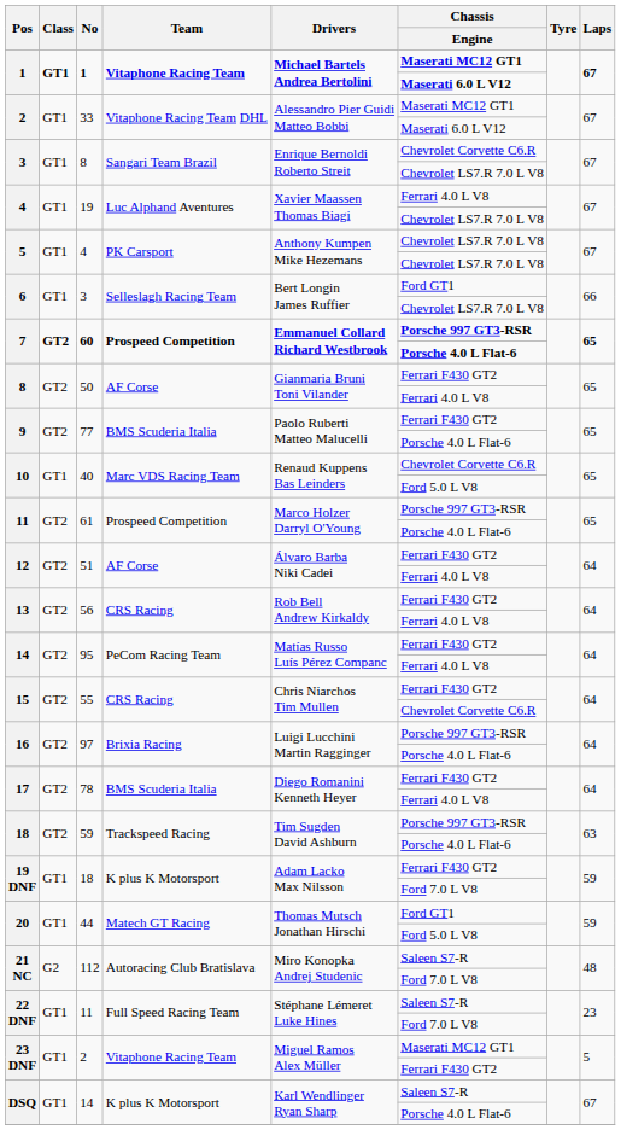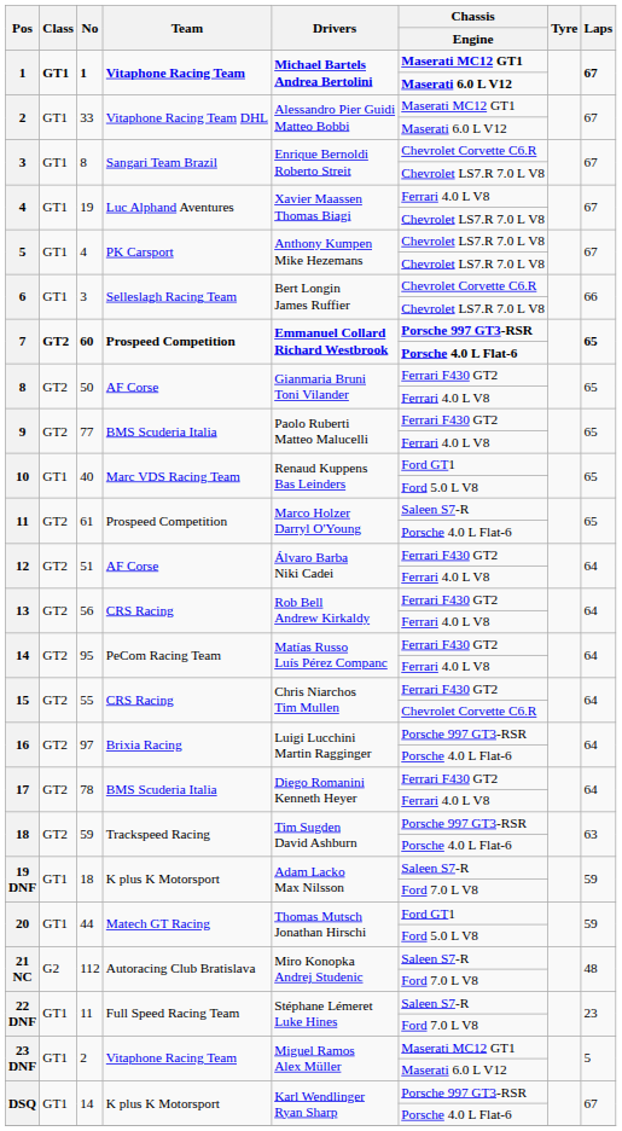 <table class="wikitable" style="font-size: 95%;">
 <tr>
 <th rowspan=2>Pos</th>
 <th rowspan=2>Class</th>
 <th rowspan=2>No</th>
 <th rowspan=2>Team</th>
 <th rowspan=2>Drivers</th>
 <th>Chassis</th>
 <th rowspan=2>Tyre</th>
 <th rowspan=2>Laps</th>
 </tr>
 <tr>
 <th>Engine</th>
 </tr>
 <tr style="font-weight:bold">
 <th rowspan=2>1</th>
 <td rowspan=2>GT1</td>
 <td rowspan=2>1</td>
 <td rowspan=2> <a href='#'>Vitaphone Racing Team</a></td>
 <td rowspan=2> <a href='#'>Michael Bartels</a><br> <a href='#'>Andrea Bertolini</a></td>
 <td><a href='#'>Maserati MC12</a> GT1</td>
 <td rowspan=2></td>
 <td rowspan=2>67</td>
 </tr>
 <tr style="font-weight:bold">
 <td><a href='#'>Maserati</a> 6.0 L V12</td>
 </tr>
 <tr>
 <th rowspan=2>2</th>
 <td rowspan=2>GT1</td>
 <td rowspan=2>33</td>
 <td rowspan=2> <a href='#'>Vitaphone Racing Team</a> <a href='#'>DHL</a></td>
 <td rowspan=2> <a href='#'>Alessandro Pier Guidi</a><br> <a href='#'>Matteo Bobbi</a></td>
 <td><a href='#'>Maserati MC12</a> GT1</td>
 <td rowspan=2></td>
 <td rowspan=2>67</td>
 </tr>
 <tr>
 <td><a href='#'>Maserati</a> 6.0 L V12</td>
 </tr>
 <tr>
 <th rowspan=2>3</th>
 <td rowspan=2>GT1</td>
 <td rowspan=2>8</td>
 <td rowspan=2> <a href='#'>Sangari Team Brazil</a></td>
 <td rowspan=2> <a href='#'>Enrique Bernoldi</a><br> <a href='#'>Roberto Streit</a></td>
 <td><a href='#'>Chevrolet Corvette C6.R</a></td>
 <td rowspan=2></td>
 <td rowspan=2>67</td>
 </tr>
 <tr>
 <td><a href='#'>Chevrolet</a> LS7.R 7.0 L V8</td>
 </tr>
 <tr>
 <th rowspan=2>4</th>
 <td rowspan=2>GT1</td>
 <td rowspan=2>19</td>
 <td rowspan=2> <a href='#'>Luc Alphand</a> Aventures</td>
 <td rowspan=2> <a href='#'>Xavier Maassen</a><br> <a href='#'>Thomas Biagi</a></td>
 <td><a href='#'>Ferrari</a> 4.0 L V8</td>
 <td rowspan=2></td>
 <td rowspan=2>67</td>
 </tr>
 <tr>
 <td><a href='#'>Chevrolet</a> LS7.R 7.0 L V8</td>
 </tr>
 <tr>
 <th rowspan=2>5</th>
 <td rowspan=2>GT1</td>
 <td rowspan=2>4</td>
 <td rowspan=2> <a href='#'>PK Carsport</a></td>
 <td rowspan=2> <a href='#'>Anthony Kumpen</a><br> Mike Hezemans</td>
 <td><a href='#'>Chevrolet</a> LS7.R 7.0 L V8</td>
 <td rowspan=2></td>
 <td rowspan=2>67</td>
 </tr>
 <tr>
 <td><a href='#'>Chevrolet</a> LS7.R 7.0 L V8</td>
 </tr>
 <tr>
 <th rowspan=2>6</th>
 <td rowspan=2>GT1</td>
 <td rowspan=2>3</td>
 <td rowspan=2> <a href='#'>Selleslagh Racing Team</a></td>
 <td rowspan=2> Bert Longin<br> James Ruffier</td>
-<td><a href='#'>Ford GT</a>1</td>
+<td><a href='#'>Chevrolet Corvette C6.R</a></td>
 <td rowspan=2></td>
 <td rowspan=2>66</td>
 </tr>
 <tr>
 <td><a href='#'>Chevrolet</a> LS7.R 7.0 L V8</td>
 </tr>
 <tr style="font-weight:bold">
 <th rowspan=2>7</th>
 <td rowspan=2>GT2</td>
 <td rowspan=2>60</td>
 <td rowspan=2> Prospeed Competition</td>
 <td rowspan=2> <a href='#'>Emmanuel Collard</a><br> <a href='#'>Richard Westbrook</a></td>
 <td><a href='#'>Porsche 997 GT3</a>-RSR</td>
 <td rowspan=2></td>
 <td rowspan=2>65</td>
 </tr>
 <tr style="font-weight:bold">
 <td><a href='#'>Porsche</a> 4.0 L Flat-6</td>
 </tr>
 <tr>
 <th rowspan=2>8</th>
 <td rowspan=2>GT2</td>
 <td rowspan=2>50</td>
 <td rowspan=2> <a href='#'>AF Corse</a></td>
 <td rowspan=2> <a href='#'>Gianmaria Bruni</a><br> <a href='#'>Toni Vilander</a></td>
 <td><a href='#'>Ferrari F430</a> GT2</td>
 <td rowspan=2></td>
 <td rowspan=2>65</td>
 </tr>
 <tr>
 <td><a href='#'>Ferrari</a> 4.0 L V8</td>
 </tr>
 <tr>
 <th rowspan=2>9</th>
 <td rowspan=2>GT2</td>
 <td rowspan=2>77</td>
 <td rowspan=2> <a href='#'>BMS Scuderia Italia</a></td>
 <td rowspan=2> Paolo Ruberti<br> Matteo Malucelli</td>
 <td><a href='#'>Ferrari F430</a> GT2</td>
 <td rowspan=2></td>
 <td rowspan=2>65</td>
 </tr>
 <tr>
-<td><a href='#'>Porsche</a> 4.0 L Flat-6</td>
+<td><a href='#'>Ferrari</a> 4.0 L V8</td>
 </tr>
 <tr>
 <th rowspan=2>10</th>
 <td rowspan=2>GT1</td>
 <td rowspan=2>40</td>
 <td rowspan=2> <a href='#'>Marc VDS Racing Team</a></td>
 <td rowspan=2> Renaud Kuppens<br> <a href='#'>Bas Leinders</a></td>
-<td><a href='#'>Chevrolet Corvette C6.R</a></td>
+<td><a href='#'>Ford GT</a>1</td>
 <td rowspan=2></td>
 <td rowspan=2>65</td>
 </tr>
 <tr>
 <td><a href='#'>Ford</a> 5.0 L V8</td>
 </tr>
 <tr>
 <th rowspan=2>11</th>
 <td rowspan=2>GT2</td>
 <td rowspan=2>61</td>
 <td rowspan=2> Prospeed Competition</td>
 <td rowspan=2> <a href='#'>Marco Holzer</a><br> <a href='#'>Darryl O'Young</a></td>
-<td><a href='#'>Porsche 997 GT3</a>-RSR</td>
+<td><a href='#'>Saleen S7</a>-R</td>
 <td rowspan=2></td>
 <td rowspan=2>65</td>
 </tr>
 <tr>
 <td><a href='#'>Porsche</a> 4.0 L Flat-6</td>
 </tr>
 <tr>
 <th rowspan=2>12</th>
 <td rowspan=2>GT2</td>
 <td rowspan=2>51</td>
 <td rowspan=2> <a href='#'>AF Corse</a></td>
 <td rowspan=2> <a href='#'>Álvaro Barba</a><br> Niki Cadei</td>
 <td><a href='#'>Ferrari F430</a> GT2</td>
 <td rowspan=2></td>
 <td rowspan=2>64</td>
 </tr>
 <tr>
 <td><a href='#'>Ferrari</a> 4.0 L V8</td>
 </tr>
 <tr>
 <th rowspan=2>13</th>
 <td rowspan=2>GT2</td>
 <td rowspan=2>56</td>
 <td rowspan=2> <a href='#'>CRS Racing</a></td>
 <td rowspan=2> <a href='#'>Rob Bell</a><br> <a href='#'>Andrew Kirkaldy</a></td>
 <td><a href='#'>Ferrari F430</a> GT2</td>
 <td rowspan=2></td>
 <td rowspan=2>64</td>
 </tr>
 <tr>
 <td><a href='#'>Ferrari</a> 4.0 L V8</td>
 </tr>
 <tr>
 <th rowspan=2>14</th>
 <td rowspan=2>GT2</td>
 <td rowspan=2>95</td>
 <td rowspan=2> PeCom Racing Team</td>
 <td rowspan=2> <a href='#'>Matías Russo</a><br> <a href='#'>Luís Pérez Companc</a></td>
 <td><a href='#'>Ferrari F430</a> GT2</td>
 <td rowspan=2></td>
 <td rowspan=2>64</td>
 </tr>
 <tr>
 <td><a href='#'>Ferrari</a> 4.0 L V8</td>
 </tr>
 <tr>
 <th rowspan=2>15</th>
 <td rowspan=2>GT2</td>
 <td rowspan=2>55</td>
 <td rowspan=2> <a href='#'>CRS Racing</a></td>
 <td rowspan=2> Chris Niarchos<br> <a href='#'>Tim Mullen</a></td>
 <td><a href='#'>Ferrari F430</a> GT2</td>
 <td rowspan=2></td>
 <td rowspan=2>64</td>
 </tr>
 <tr>
 <td><a href='#'>Chevrolet Corvette C6.R</a></td>
 </tr>
 <tr>
 <th rowspan=2>16</th>
 <td rowspan=2>GT2</td>
 <td rowspan=2>97</td>
 <td rowspan=2> <a href='#'>Brixia Racing</a></td>
 <td rowspan=2> Luigi Lucchini<br> Martin Ragginger</td>
 <td><a href='#'>Porsche 997 GT3</a>-RSR</td>
 <td rowspan=2></td>
 <td rowspan=2>64</td>
 </tr>
 <tr>
 <td><a href='#'>Porsche</a> 4.0 L Flat-6</td>
 </tr>
 <tr>
 <th rowspan=2>17</th>
 <td rowspan=2>GT2</td>
 <td rowspan=2>78</td>
 <td rowspan=2> <a href='#'>BMS Scuderia Italia</a></td>
 <td rowspan=2> <a href='#'>Diego Romanini</a><br> Kenneth Heyer</td>
 <td><a href='#'>Ferrari F430</a> GT2</td>
 <td rowspan=2></td>
 <td rowspan=2>64</td>
 </tr>
 <tr>
 <td><a href='#'>Ferrari</a> 4.0 L V8</td>
 </tr>
 <tr>
 <th rowspan=2>18</th>
 <td rowspan=2>GT2</td>
 <td rowspan=2>59</td>
 <td rowspan=2> Trackspeed Racing</td>
 <td rowspan=2> <a href='#'>Tim Sugden</a><br> David Ashburn</td>
 <td><a href='#'>Porsche 997 GT3</a>-RSR</td>
 <td rowspan=2></td>
 <td rowspan=2>63</td>
 </tr>
 <tr>
 <td><a href='#'>Porsche</a> 4.0 L Flat-6</td>
 </tr>
 <tr>
 <th rowspan=2>19<br>DNF</th>
 <td rowspan=2>GT1</td>
 <td rowspan=2>18</td>
 <td rowspan=2> K plus K Motorsport</td>
 <td rowspan=2> <a href='#'>Adam Lacko</a><br> Max Nilsson</td>
-<td><a href='#'>Ferrari F430</a> GT2</td>
+<td><a href='#'>Saleen S7</a>-R</td>
 <td rowspan=2></td>
 <td rowspan=2>59</td>
 </tr>
 <tr>
 <td><a href='#'>Ford</a> 7.0 L V8</td>
 </tr>
 <tr>
 <th rowspan=2>20</th>
 <td rowspan=2>GT1</td>
 <td rowspan=2>44</td>
 <td rowspan=2> <a href='#'>Matech GT Racing</a></td>
 <td rowspan=2> <a href='#'>Thomas Mutsch</a><br> Jonathan Hirschi</td>
 <td><a href='#'>Ford GT</a>1</td>
 <td rowspan=2></td>
 <td rowspan=2>59</td>
 </tr>
 <tr>
 <td><a href='#'>Ford</a> 5.0 L V8</td>
 </tr>
 <tr>
 <th rowspan=2>21<br>NC</th>
 <td rowspan=2>G2</td>
 <td rowspan=2>112</td>
 <td rowspan=2> Autoracing Club Bratislava</td>
 <td rowspan=2> Miro Konopka<br> <a href='#'>Andrej Studenic</a></td>
 <td><a href='#'>Saleen S7</a>-R</td>
 <td rowspan=2></td>
 <td rowspan=2>48</td>
 </tr>
 <tr>
 <td><a href='#'>Ford</a> 7.0 L V8</td>
 </tr>
 <tr>
 <th rowspan=2>22<br>DNF</th>
 <td rowspan=2>GT1</td>
 <td rowspan=2>11</td>
 <td rowspan=2> Full Speed Racing Team</td>
 <td rowspan=2> Stéphane Lémeret<br> <a href='#'>Luke Hines</a></td>
 <td><a href='#'>Saleen S7</a>-R</td>
 <td rowspan=2></td>
 <td rowspan=2>23</td>
 </tr>
 <tr>
 <td><a href='#'>Ford</a> 7.0 L V8</td>
 </tr>
 <tr>
 <th rowspan=2>23<br>DNF</th>
 <td rowspan=2>GT1</td>
 <td rowspan=2>2</td>
 <td rowspan=2> <a href='#'>Vitaphone Racing Team</a></td>
 <td rowspan=2> <a href='#'>Miguel Ramos</a><br> <a href='#'>Alex Müller</a></td>
 <td><a href='#'>Maserati MC12</a> GT1</td>
 <td rowspan=2></td>
 <td rowspan=2>5</td>
 </tr>
 <tr>
-<td><a href='#'>Ferrari F430</a> GT2</td>
+<td><a href='#'>Maserati</a> 6.0 L V12</td>
 </tr>
 <tr>
 <th rowspan=2>DSQ</th>
 <td rowspan=2>GT1</td>
 <td rowspan=2>14</td>
 <td rowspan=2> K plus K Motorsport</td>
 <td rowspan=2> <a href='#'>Karl Wendlinger</a><br> <a href='#'>Ryan Sharp</a></td>
-<td><a href='#'>Saleen S7</a>-R</td>
+<td><a href='#'>Porsche 997 GT3</a>-RSR</td>
 <td rowspan=2></td>
 <td rowspan=2>67</td>
 </tr>
 <tr>
 <td><a href='#'>Porsche</a> 4.0 L Flat-6</td>
 </tr>
 <tr>
 </tr>
 </table>
